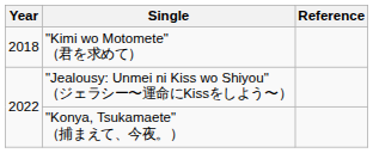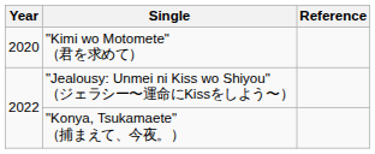 <table class="wikitable plainrowheaders" style="text-align:center;">
 <tr>
 <th scope="col">Year</th>
 <th scope="col">Single</th>
 <th scope="col">Reference</th>
 </tr>
 <tr>
-<td rowspan="1">2018</td>
+<td rowspan="1">2020</td>
 <td style="text-align:left;">"Kimi wo Motomete"<br>（君を求めて）</td>
 <td></td>
 </tr>
 <tr>
 <td rowspan="2">2022</td>
 <td style="text-align:left;">"Jealousy: Unmei ni Kiss wo Shiyou"<br>（ジェラシー〜運命にKissをしよう〜）</td>
 <td></td>
 </tr>
 <tr>
 <td style="text-align:left;">"Konya, Tsukamaete"<br>（捕まえて、今夜。）</td>
 <td></td>
 </tr>
 </table>
